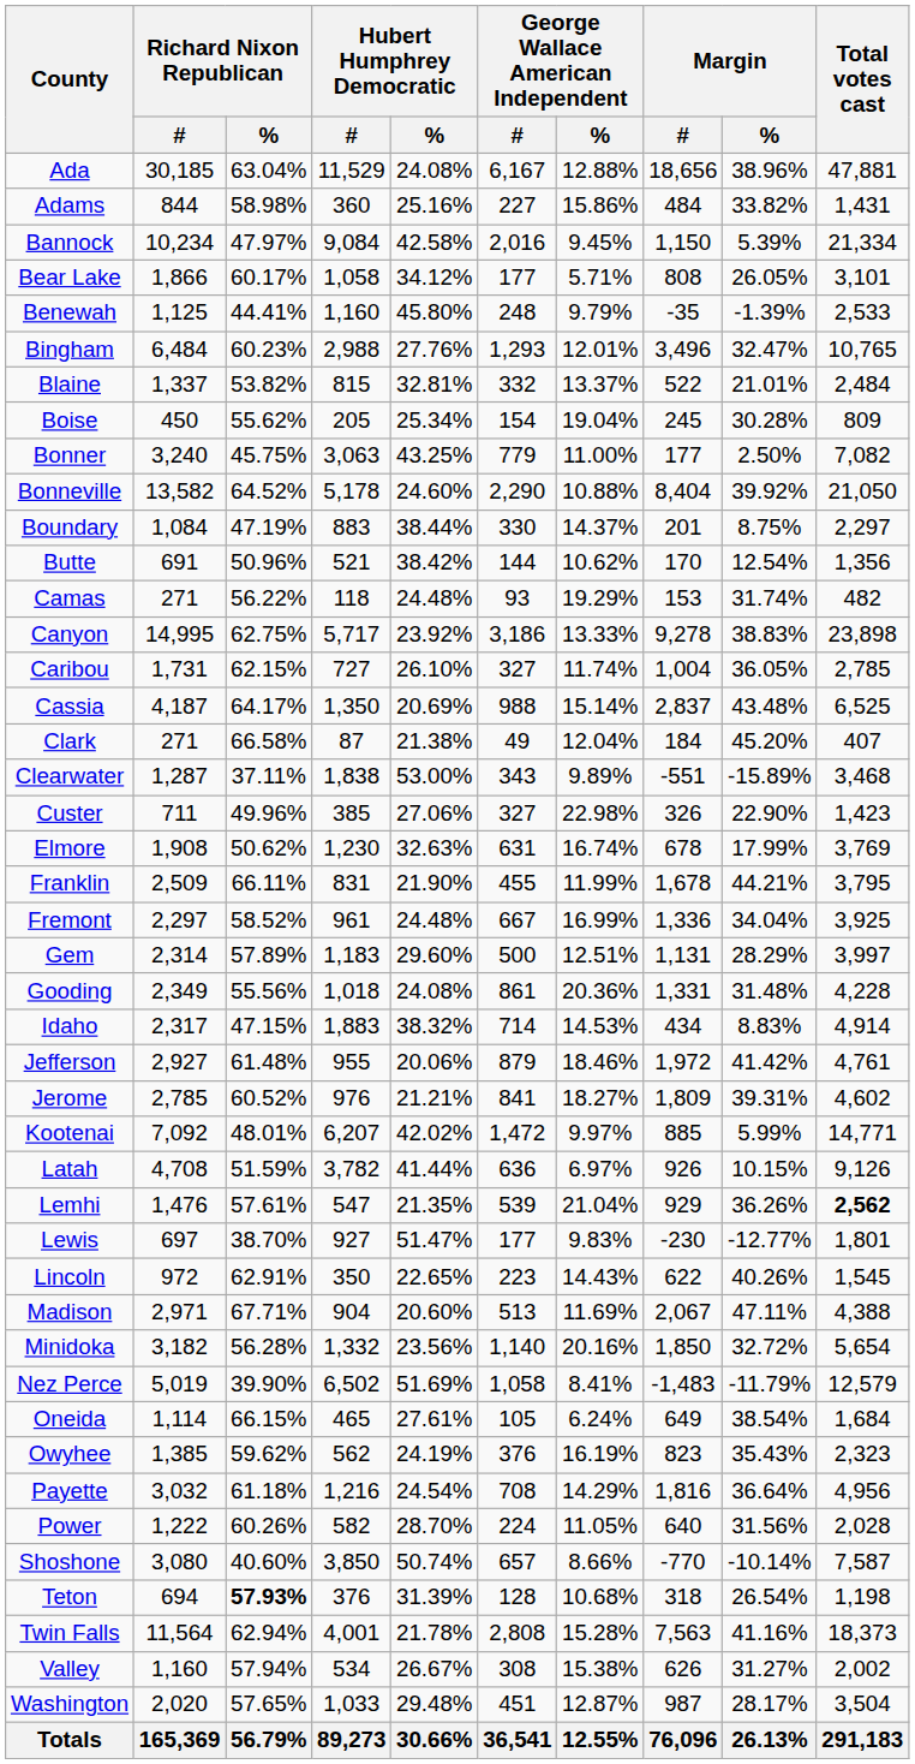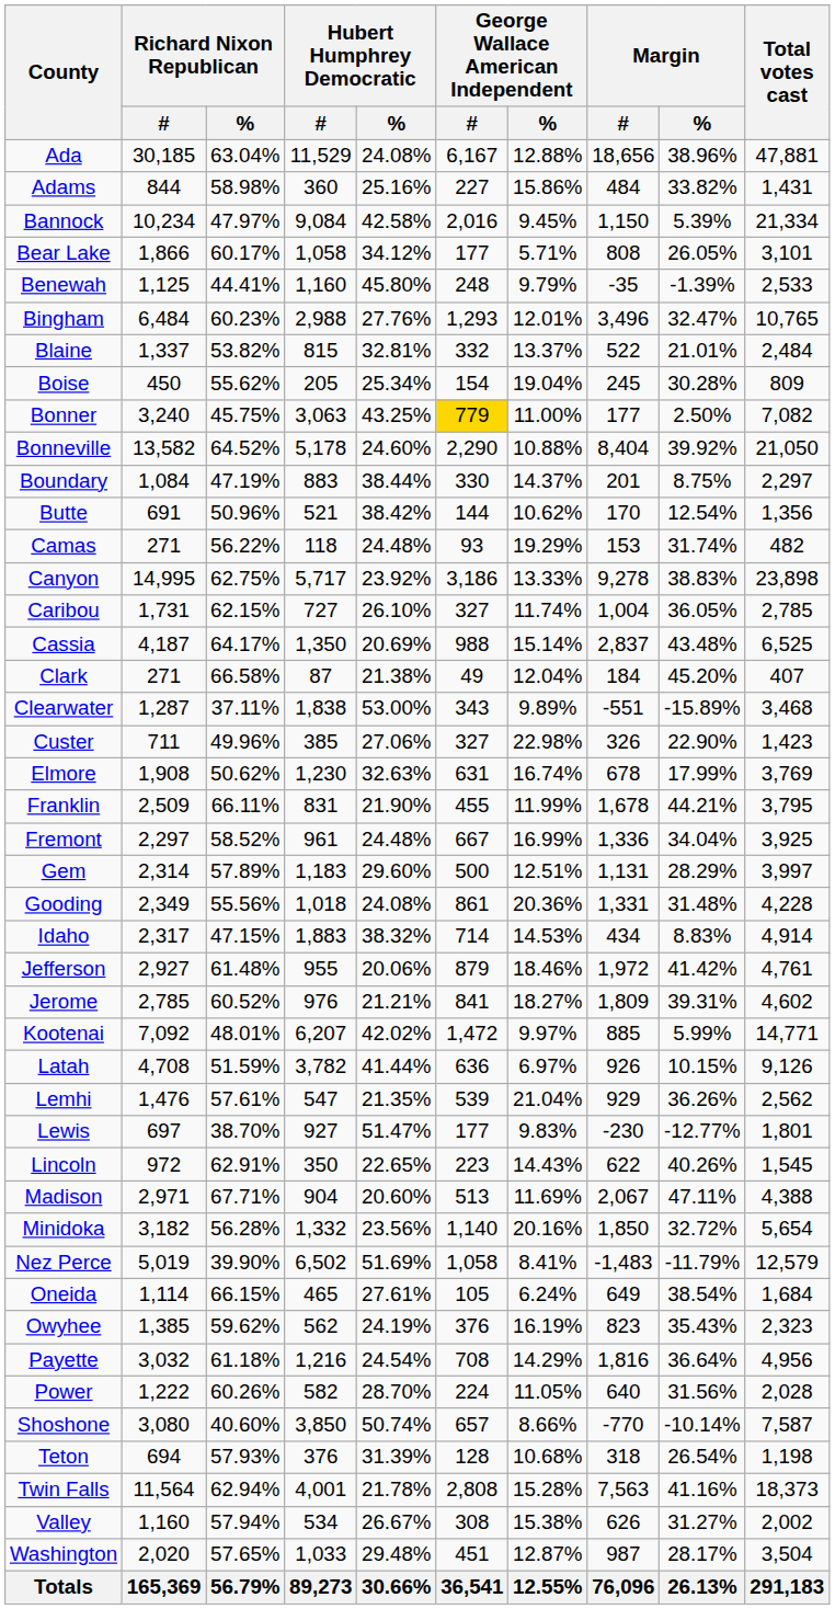 <table width="60%"  class="wikitable sortable" style="text-align:center">
 <tr>
 <th style="text-align:center;" rowspan="2">County</th>
 <th style="text-align:center;" colspan="2">Richard Nixon<br>Republican</th>
 <th style="text-align:center;" colspan="2">Hubert Humphrey<br>Democratic</th>
 <th style="text-align:center;" colspan="2">George Wallace<br>American Independent</th>
 <th style="text-align:center;" colspan="2">Margin</th>
 <th style="text-align:center;" rowspan="2">Total votes cast</th>
 </tr>
 <tr>
 <th style="text-align:center;" data-sort-type="number">#</th>
 <th style="text-align:center;" data-sort-type="number">%</th>
 <th style="text-align:center;" data-sort-type="number">#</th>
 <th style="text-align:center;" data-sort-type="number">%</th>
 <th style="text-align:center;" data-sort-type="number">#</th>
 <th style="text-align:center;" data-sort-type="number">%</th>
 <th style="text-align:center;" data-sort-type="number">#</th>
 <th style="text-align:center;" data-sort-type="number">%</th>
 </tr>
 <tr style="text-align:center;">
 <td><a href='#'>Ada</a></td>
 <td>30,185</td>
 <td>63.04%</td>
 <td>11,529</td>
 <td>24.08%</td>
 <td>6,167</td>
 <td>12.88%</td>
 <td>18,656</td>
 <td>38.96%</td>
 <td>47,881</td>
 </tr>
 <tr style="text-align:center;">
 <td><a href='#'>Adams</a></td>
 <td>844</td>
 <td>58.98%</td>
 <td>360</td>
 <td>25.16%</td>
 <td>227</td>
 <td>15.86%</td>
 <td>484</td>
 <td>33.82%</td>
 <td>1,431</td>
 </tr>
 <tr style="text-align:center;">
 <td><a href='#'>Bannock</a></td>
 <td>10,234</td>
 <td>47.97%</td>
 <td>9,084</td>
 <td>42.58%</td>
 <td>2,016</td>
 <td>9.45%</td>
 <td>1,150</td>
 <td>5.39%</td>
 <td>21,334</td>
 </tr>
 <tr style="text-align:center;">
 <td><a href='#'>Bear Lake</a></td>
 <td>1,866</td>
 <td>60.17%</td>
 <td>1,058</td>
 <td>34.12%</td>
 <td>177</td>
 <td>5.71%</td>
 <td>808</td>
 <td>26.05%</td>
 <td>3,101</td>
 </tr>
 <tr style="text-align:center;">
 <td><a href='#'>Benewah</a></td>
 <td>1,125</td>
 <td>44.41%</td>
 <td>1,160</td>
 <td>45.80%</td>
 <td>248</td>
 <td>9.79%</td>
 <td>-35</td>
 <td>-1.39%</td>
 <td>2,533</td>
 </tr>
 <tr style="text-align:center;">
 <td><a href='#'>Bingham</a></td>
 <td>6,484</td>
 <td>60.23%</td>
 <td>2,988</td>
 <td>27.76%</td>
 <td>1,293</td>
 <td>12.01%</td>
 <td>3,496</td>
 <td>32.47%</td>
 <td>10,765</td>
 </tr>
 <tr style="text-align:center;">
 <td><a href='#'>Blaine</a></td>
 <td>1,337</td>
 <td>53.82%</td>
 <td>815</td>
 <td>32.81%</td>
 <td>332</td>
 <td>13.37%</td>
 <td>522</td>
 <td>21.01%</td>
 <td>2,484</td>
 </tr>
 <tr style="text-align:center;">
 <td><a href='#'>Boise</a></td>
 <td>450</td>
 <td>55.62%</td>
 <td>205</td>
 <td>25.34%</td>
 <td>154</td>
 <td>19.04%</td>
 <td>245</td>
 <td>30.28%</td>
 <td>809</td>
 </tr>
 <tr style="text-align:center;">
 <td><a href='#'>Bonner</a></td>
 <td>3,240</td>
 <td>45.75%</td>
 <td>3,063</td>
 <td>43.25%</td>
-<td>779</td>
+<td style="background: gold;">779</td>
 <td>11.00%</td>
 <td>177</td>
 <td>2.50%</td>
 <td>7,082</td>
 </tr>
 <tr style="text-align:center;">
 <td><a href='#'>Bonneville</a></td>
 <td>13,582</td>
 <td>64.52%</td>
 <td>5,178</td>
 <td>24.60%</td>
 <td>2,290</td>
 <td>10.88%</td>
 <td>8,404</td>
 <td>39.92%</td>
 <td>21,050</td>
 </tr>
 <tr style="text-align:center;">
 <td><a href='#'>Boundary</a></td>
 <td>1,084</td>
 <td>47.19%</td>
 <td>883</td>
 <td>38.44%</td>
 <td>330</td>
 <td>14.37%</td>
 <td>201</td>
 <td>8.75%</td>
 <td>2,297</td>
 </tr>
 <tr style="text-align:center;">
 <td><a href='#'>Butte</a></td>
 <td>691</td>
 <td>50.96%</td>
 <td>521</td>
 <td>38.42%</td>
 <td>144</td>
 <td>10.62%</td>
 <td>170</td>
 <td>12.54%</td>
 <td>1,356</td>
 </tr>
 <tr style="text-align:center;">
 <td><a href='#'>Camas</a></td>
 <td>271</td>
 <td>56.22%</td>
 <td>118</td>
 <td>24.48%</td>
 <td>93</td>
 <td>19.29%</td>
 <td>153</td>
 <td>31.74%</td>
 <td>482</td>
 </tr>
 <tr style="text-align:center;">
 <td><a href='#'>Canyon</a></td>
 <td>14,995</td>
 <td>62.75%</td>
 <td>5,717</td>
 <td>23.92%</td>
 <td>3,186</td>
 <td>13.33%</td>
 <td>9,278</td>
 <td>38.83%</td>
 <td>23,898</td>
 </tr>
 <tr style="text-align:center;">
 <td><a href='#'>Caribou</a></td>
 <td>1,731</td>
 <td>62.15%</td>
 <td>727</td>
 <td>26.10%</td>
 <td>327</td>
 <td>11.74%</td>
 <td>1,004</td>
 <td>36.05%</td>
 <td>2,785</td>
 </tr>
 <tr style="text-align:center;">
 <td><a href='#'>Cassia</a></td>
 <td>4,187</td>
 <td>64.17%</td>
 <td>1,350</td>
 <td>20.69%</td>
 <td>988</td>
 <td>15.14%</td>
 <td>2,837</td>
 <td>43.48%</td>
 <td>6,525</td>
 </tr>
 <tr style="text-align:center;">
 <td><a href='#'>Clark</a></td>
 <td>271</td>
 <td>66.58%</td>
 <td>87</td>
 <td>21.38%</td>
 <td>49</td>
 <td>12.04%</td>
 <td>184</td>
 <td>45.20%</td>
 <td>407</td>
 </tr>
 <tr style="text-align:center;">
 <td><a href='#'>Clearwater</a></td>
 <td>1,287</td>
 <td>37.11%</td>
 <td>1,838</td>
 <td>53.00%</td>
 <td>343</td>
 <td>9.89%</td>
 <td>-551</td>
 <td>-15.89%</td>
 <td>3,468</td>
 </tr>
 <tr style="text-align:center;">
 <td><a href='#'>Custer</a></td>
 <td>711</td>
 <td>49.96%</td>
 <td>385</td>
 <td>27.06%</td>
 <td>327</td>
 <td>22.98%</td>
 <td>326</td>
 <td>22.90%</td>
 <td>1,423</td>
 </tr>
 <tr style="text-align:center;">
 <td><a href='#'>Elmore</a></td>
 <td>1,908</td>
 <td>50.62%</td>
 <td>1,230</td>
 <td>32.63%</td>
 <td>631</td>
 <td>16.74%</td>
 <td>678</td>
 <td>17.99%</td>
 <td>3,769</td>
 </tr>
 <tr style="text-align:center;">
 <td><a href='#'>Franklin</a></td>
 <td>2,509</td>
 <td>66.11%</td>
 <td>831</td>
 <td>21.90%</td>
 <td>455</td>
 <td>11.99%</td>
 <td>1,678</td>
 <td>44.21%</td>
 <td>3,795</td>
 </tr>
 <tr style="text-align:center;">
 <td><a href='#'>Fremont</a></td>
 <td>2,297</td>
 <td>58.52%</td>
 <td>961</td>
 <td>24.48%</td>
 <td>667</td>
 <td>16.99%</td>
 <td>1,336</td>
 <td>34.04%</td>
 <td>3,925</td>
 </tr>
 <tr style="text-align:center;">
 <td><a href='#'>Gem</a></td>
 <td>2,314</td>
 <td>57.89%</td>
 <td>1,183</td>
 <td>29.60%</td>
 <td>500</td>
 <td>12.51%</td>
 <td>1,131</td>
 <td>28.29%</td>
 <td>3,997</td>
 </tr>
 <tr style="text-align:center;">
 <td><a href='#'>Gooding</a></td>
 <td>2,349</td>
 <td>55.56%</td>
 <td>1,018</td>
 <td>24.08%</td>
 <td>861</td>
 <td>20.36%</td>
 <td>1,331</td>
 <td>31.48%</td>
 <td>4,228</td>
 </tr>
 <tr style="text-align:center;">
 <td><a href='#'>Idaho</a></td>
 <td>2,317</td>
 <td>47.15%</td>
 <td>1,883</td>
 <td>38.32%</td>
 <td>714</td>
 <td>14.53%</td>
 <td>434</td>
 <td>8.83%</td>
 <td>4,914</td>
 </tr>
 <tr style="text-align:center;">
 <td><a href='#'>Jefferson</a></td>
 <td>2,927</td>
 <td>61.48%</td>
 <td>955</td>
 <td>20.06%</td>
 <td>879</td>
 <td>18.46%</td>
 <td>1,972</td>
 <td>41.42%</td>
 <td>4,761</td>
 </tr>
 <tr style="text-align:center;">
 <td><a href='#'>Jerome</a></td>
 <td>2,785</td>
 <td>60.52%</td>
 <td>976</td>
 <td>21.21%</td>
 <td>841</td>
 <td>18.27%</td>
 <td>1,809</td>
 <td>39.31%</td>
 <td>4,602</td>
 </tr>
 <tr style="text-align:center;">
 <td><a href='#'>Kootenai</a></td>
 <td>7,092</td>
 <td>48.01%</td>
 <td>6,207</td>
 <td>42.02%</td>
 <td>1,472</td>
 <td>9.97%</td>
 <td>885</td>
 <td>5.99%</td>
 <td>14,771</td>
 </tr>
 <tr style="text-align:center;">
 <td><a href='#'>Latah</a></td>
 <td>4,708</td>
 <td>51.59%</td>
 <td>3,782</td>
 <td>41.44%</td>
 <td>636</td>
 <td>6.97%</td>
 <td>926</td>
 <td>10.15%</td>
 <td>9,126</td>
 </tr>
 <tr style="text-align:center;">
 <td><a href='#'>Lemhi</a></td>
 <td>1,476</td>
 <td>57.61%</td>
 <td>547</td>
 <td>21.35%</td>
 <td>539</td>
 <td>21.04%</td>
 <td>929</td>
 <td>36.26%</td>
-<td><strong>2,562</strong></td>
+<td>2,562</td>
 </tr>
 <tr style="text-align:center;">
 <td><a href='#'>Lewis</a></td>
 <td>697</td>
 <td>38.70%</td>
 <td>927</td>
 <td>51.47%</td>
 <td>177</td>
 <td>9.83%</td>
 <td>-230</td>
 <td>-12.77%</td>
 <td>1,801</td>
 </tr>
 <tr style="text-align:center;">
 <td><a href='#'>Lincoln</a></td>
 <td>972</td>
 <td>62.91%</td>
 <td>350</td>
 <td>22.65%</td>
 <td>223</td>
 <td>14.43%</td>
 <td>622</td>
 <td>40.26%</td>
 <td>1,545</td>
 </tr>
 <tr style="text-align:center;">
 <td><a href='#'>Madison</a></td>
 <td>2,971</td>
 <td>67.71%</td>
 <td>904</td>
 <td>20.60%</td>
 <td>513</td>
 <td>11.69%</td>
 <td>2,067</td>
 <td>47.11%</td>
 <td>4,388</td>
 </tr>
 <tr style="text-align:center;">
 <td><a href='#'>Minidoka</a></td>
 <td>3,182</td>
 <td>56.28%</td>
 <td>1,332</td>
 <td>23.56%</td>
 <td>1,140</td>
 <td>20.16%</td>
 <td>1,850</td>
 <td>32.72%</td>
 <td>5,654</td>
 </tr>
 <tr style="text-align:center;">
 <td><a href='#'>Nez Perce</a></td>
 <td>5,019</td>
 <td>39.90%</td>
 <td>6,502</td>
 <td>51.69%</td>
 <td>1,058</td>
 <td>8.41%</td>
 <td>-1,483</td>
 <td>-11.79%</td>
 <td>12,579</td>
 </tr>
 <tr style="text-align:center;">
 <td><a href='#'>Oneida</a></td>
 <td>1,114</td>
 <td>66.15%</td>
 <td>465</td>
 <td>27.61%</td>
 <td>105</td>
 <td>6.24%</td>
 <td>649</td>
 <td>38.54%</td>
 <td>1,684</td>
 </tr>
 <tr style="text-align:center;">
 <td><a href='#'>Owyhee</a></td>
 <td>1,385</td>
 <td>59.62%</td>
 <td>562</td>
 <td>24.19%</td>
 <td>376</td>
 <td>16.19%</td>
 <td>823</td>
 <td>35.43%</td>
 <td>2,323</td>
 </tr>
 <tr style="text-align:center;">
 <td><a href='#'>Payette</a></td>
 <td>3,032</td>
 <td>61.18%</td>
 <td>1,216</td>
 <td>24.54%</td>
 <td>708</td>
 <td>14.29%</td>
 <td>1,816</td>
 <td>36.64%</td>
 <td>4,956</td>
 </tr>
 <tr style="text-align:center;">
 <td><a href='#'>Power</a></td>
 <td>1,222</td>
 <td>60.26%</td>
 <td>582</td>
 <td>28.70%</td>
 <td>224</td>
 <td>11.05%</td>
 <td>640</td>
 <td>31.56%</td>
 <td>2,028</td>
 </tr>
 <tr style="text-align:center;">
 <td><a href='#'>Shoshone</a></td>
 <td>3,080</td>
 <td>40.60%</td>
 <td>3,850</td>
 <td>50.74%</td>
 <td>657</td>
 <td>8.66%</td>
 <td>-770</td>
 <td>-10.14%</td>
 <td>7,587</td>
 </tr>
 <tr style="text-align:center;">
 <td><a href='#'>Teton</a></td>
 <td>694</td>
-<td><strong>57.93%</strong></td>
+<td>57.93%</td>
 <td>376</td>
 <td>31.39%</td>
 <td>128</td>
 <td>10.68%</td>
 <td>318</td>
 <td>26.54%</td>
 <td>1,198</td>
 </tr>
 <tr style="text-align:center;">
 <td><a href='#'>Twin Falls</a></td>
 <td>11,564</td>
 <td>62.94%</td>
 <td>4,001</td>
 <td>21.78%</td>
 <td>2,808</td>
 <td>15.28%</td>
 <td>7,563</td>
 <td>41.16%</td>
 <td>18,373</td>
 </tr>
 <tr style="text-align:center;">
 <td><a href='#'>Valley</a></td>
 <td>1,160</td>
 <td>57.94%</td>
 <td>534</td>
 <td>26.67%</td>
 <td>308</td>
 <td>15.38%</td>
 <td>626</td>
 <td>31.27%</td>
 <td>2,002</td>
 </tr>
 <tr style="text-align:center;">
 <td><a href='#'>Washington</a></td>
 <td>2,020</td>
 <td>57.65%</td>
 <td>1,033</td>
 <td>29.48%</td>
 <td>451</td>
 <td>12.87%</td>
 <td>987</td>
 <td>28.17%</td>
 <td>3,504</td>
 </tr>
 <tr style="text-align:center;">
 <th>Totals</th>
 <th>165,369</th>
 <th>56.79%</th>
 <th>89,273</th>
 <th>30.66%</th>
 <th>36,541</th>
 <th>12.55%</th>
 <th>76,096</th>
 <th>26.13%</th>
 <th>291,183</th>
 </tr>
 </table>
